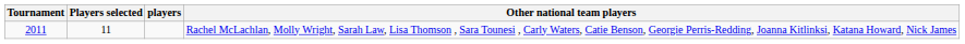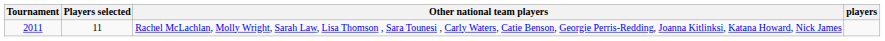 <table class="wikitable sortable" style="text-align:center">
 <tr>
 <th>Tournament</th>
 <th>Players selected</th>
+<th>Other national team players</th>
 <th> players</th>
-<th>Other national team players</th>
 </tr>
 <tr>
 <td><a href='#'>2011</a> </td>
 <td>11</td>
+<td><a href='#'>Rachel McLachlan</a>, <a href='#'>Molly Wright</a>, <a href='#'>Sarah Law</a>, <a href='#'>Lisa Thomson</a> , <a href='#'>Sara Tounesi</a> , <a href='#'>Carly Waters</a>, <a href='#'>Catie Benson</a>, <a href='#'>Georgie Perris-Redding</a>, <a href='#'>Joanna Kitlinksi</a>, <a href='#'>Katana Howard</a>, <a href='#'>Nick James</a> </td>
 <td></td>
-<td><a href='#'>Rachel McLachlan</a>, <a href='#'>Molly Wright</a>, <a href='#'>Sarah Law</a>, <a href='#'>Lisa Thomson</a> , <a href='#'>Sara Tounesi</a> , <a href='#'>Carly Waters</a>, <a href='#'>Catie Benson</a>, <a href='#'>Georgie Perris-Redding</a>, <a href='#'>Joanna Kitlinksi</a>, <a href='#'>Katana Howard</a>, <a href='#'>Nick James</a> </td>
 </tr>
 </table>
